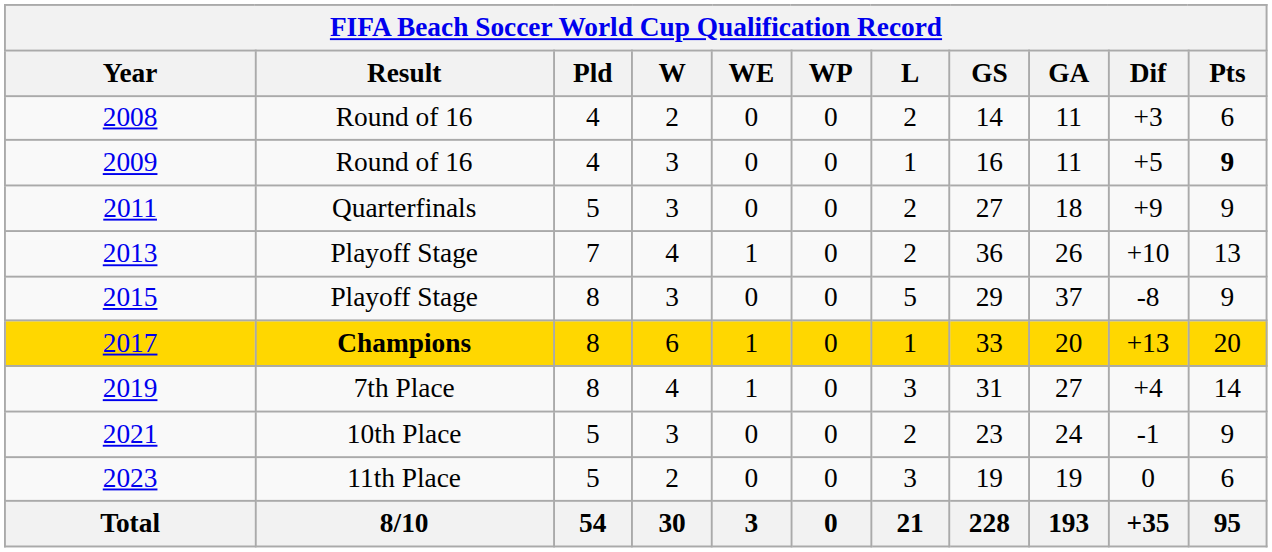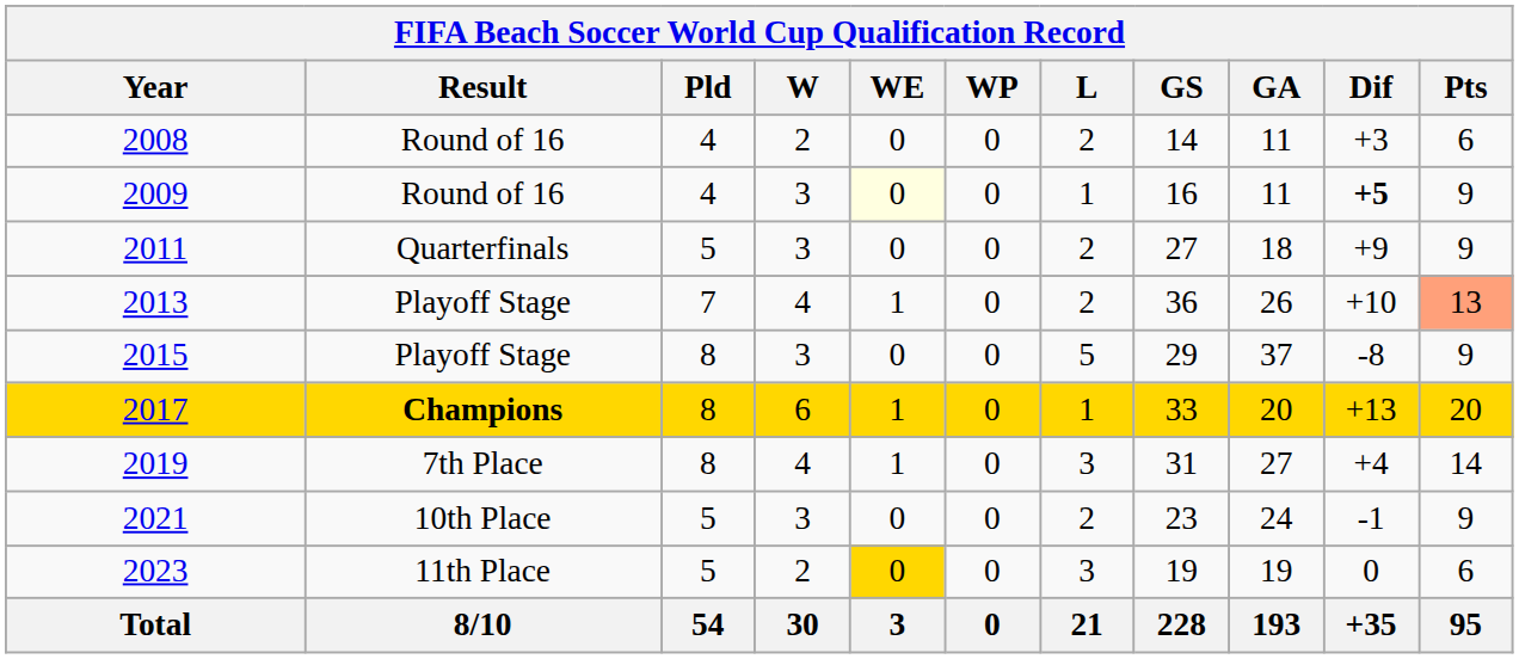 <table class="wikitable" style="text-align: center;font-size:90%;">
 <tr>
 <th colspan=11><a href='#'>FIFA Beach Soccer World Cup Qualification Record</a></th>
 </tr>
 <tr>
 <th width=125>Year</th>
 <th width=150>Result</th>
 <th width=35>Pld</th>
 <th width=35>W</th>
 <th width=35>WE</th>
 <th width=35>WP</th>
 <th width=35>L</th>
 <th width=35>GS</th>
 <th width=35>GA</th>
 <th width=35>Dif</th>
 <th width=35>Pts</th>
 </tr>
 <tr>
 <td> <a href='#'>2008</a></td>
 <td>Round of 16</td>
 <td>4</td>
 <td>2</td>
 <td>0</td>
 <td>0</td>
 <td>2</td>
 <td>14</td>
 <td>11</td>
 <td>+3</td>
 <td>6</td>
 </tr>
 <tr>
 <td> <a href='#'>2009</a></td>
 <td>Round of 16</td>
 <td>4</td>
 <td>3</td>
-<td>0</td>
+<td style="background: lightyellow;">0</td>
 <td>0</td>
 <td>1</td>
 <td>16</td>
 <td>11</td>
-<td>+5</td>
-<td><strong>9</strong></td>
+<td><strong>+5</strong></td>
+<td>9</td>
 </tr>
 <tr>
 <td> <a href='#'>2011</a></td>
 <td>Quarterfinals</td>
 <td>5</td>
 <td>3</td>
 <td>0</td>
 <td>0</td>
 <td>2</td>
 <td>27</td>
 <td>18</td>
 <td>+9</td>
 <td>9</td>
 </tr>
 <tr>
 <td> <a href='#'>2013</a></td>
 <td>Playoff Stage</td>
 <td>7</td>
 <td>4</td>
 <td>1</td>
 <td>0</td>
 <td>2</td>
 <td>36</td>
 <td>26</td>
 <td>+10</td>
-<td>13</td>
+<td style="background: lightsalmon;">13</td>
 </tr>
 <tr>
 <td> <a href='#'>2015</a></td>
 <td>Playoff Stage</td>
 <td>8</td>
 <td>3</td>
 <td>0</td>
 <td>0</td>
 <td>5</td>
 <td>29</td>
 <td>37</td>
 <td>-8</td>
 <td>9</td>
 </tr>
 <tr style="background:Gold;">
 <td> <a href='#'>2017</a></td>
 <td><strong>Champions</strong></td>
 <td>8</td>
 <td>6</td>
 <td>1</td>
 <td>0</td>
 <td>1</td>
 <td>33</td>
 <td>20</td>
 <td>+13</td>
 <td>20</td>
 </tr>
 <tr>
 <td> <a href='#'>2019</a></td>
 <td>7th Place</td>
 <td>8</td>
 <td>4</td>
 <td>1</td>
 <td>0</td>
 <td>3</td>
 <td>31</td>
 <td>27</td>
 <td>+4</td>
 <td>14</td>
 </tr>
 <tr>
 <td> <a href='#'>2021</a></td>
 <td>10th Place</td>
 <td>5</td>
 <td>3</td>
 <td>0</td>
 <td>0</td>
 <td>2</td>
 <td>23</td>
 <td>24</td>
 <td>-1</td>
 <td>9</td>
 </tr>
 <tr>
 <td> <a href='#'>2023</a></td>
 <td>11th Place</td>
 <td>5</td>
 <td>2</td>
-<td>0</td>
+<td style="background: gold;">0</td>
 <td>0</td>
 <td>3</td>
 <td>19</td>
 <td>19</td>
 <td>0</td>
 <td>6</td>
 </tr>
 <tr>
 <th><strong>Total</strong></th>
 <th>8/10</th>
 <th>54</th>
 <th>30</th>
 <th>3</th>
 <th>0</th>
 <th>21</th>
 <th>228</th>
 <th>193</th>
 <th>+35</th>
 <th>95</th>
 </tr>
 </table>
